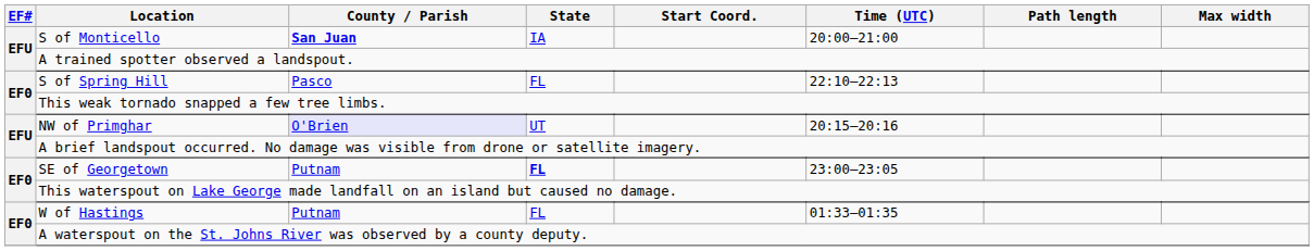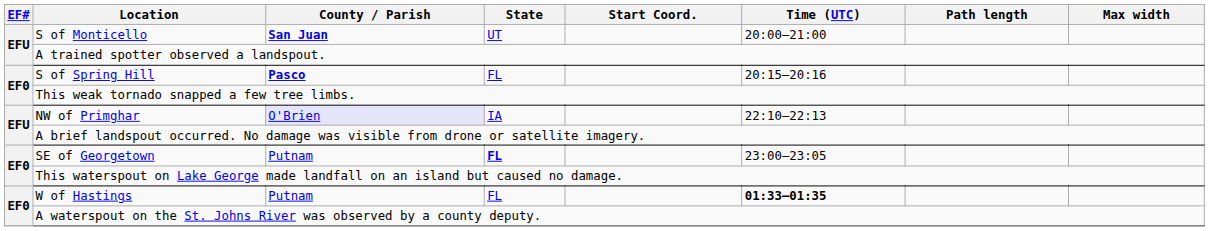 <table class="wikitable sortable" style="width:100%;">
 <tr>
 <th scope="col" width="2%" align="center"><a href='#'>EF#</a></th>
 <th scope="col" align="center" class="unsortable">Location</th>
 <th scope="col" align="center" class="unsortable">County / Parish</th>
 <th scope="col" align="center">State</th>
 <th scope="col" align="center">Start Coord.</th>
 <th scope="col" align="center">Time (<a href='#'>UTC</a>)</th>
 <th scope="col" align="center">Path length</th>
 <th scope="col" align="center">Max width</th>
 </tr>
 <tr>
 <th scope="row" rowspan="2" style="background-color:#">EFU</th>
 <td>S of <a href='#'>Monticello</a></td>
 <td><strong><a href='#'>San Juan</a></strong></td>
-<td><a href='#'>IA</a></td>
+<td><a href='#'>UT</a></td>
 <td></td>
 <td>20:00–21:00</td>
 <td></td>
 <td></td>
 </tr>
 <tr class="expand-child">
 <td colspan="8" style=" border-bottom: 1px solid black;">A trained spotter observed a landspout.</td>
 </tr>
 <tr>
 <th scope="row" rowspan="2" style="background-color:#">EF0</th>
 <td>S of <a href='#'>Spring Hill</a></td>
-<td><a href='#'>Pasco</a></td>
+<td><strong><a href='#'>Pasco</a></strong></td>
 <td><a href='#'>FL</a></td>
 <td></td>
-<td>22:10–22:13</td>
+<td>20:15–20:16</td>
 <td></td>
 <td></td>
 </tr>
 <tr class="expand-child">
 <td colspan="8" style=" border-bottom: 1px solid black;">This weak tornado snapped a few tree limbs.</td>
 </tr>
 <tr>
 <th scope="row" rowspan="2" style="background-color:#">EFU</th>
 <td>NW of <a href='#'>Primghar</a></td>
 <td style="background: lavender;"><a href='#'>O'Brien</a></td>
-<td><a href='#'>UT</a></td>
+<td><a href='#'>IA</a></td>
 <td></td>
-<td>20:15–20:16</td>
+<td>22:10–22:13</td>
 <td></td>
 <td></td>
 </tr>
 <tr class="expand-child">
 <td colspan="8" style=" border-bottom: 1px solid black;">A brief landspout occurred. No damage was visible from drone or satellite imagery.</td>
 </tr>
 <tr>
 <th scope="row" rowspan="2" style="background-color:#">EF0</th>
 <td>SE of <a href='#'>Georgetown</a></td>
 <td><a href='#'>Putnam</a></td>
 <td><strong><a href='#'>FL</a></strong></td>
 <td></td>
 <td>23:00–23:05</td>
 <td></td>
 <td></td>
 </tr>
 <tr class="expand-child">
 <td colspan="8" style=" border-bottom: 1px solid black;">This waterspout on <a href='#'>Lake George</a> made landfall on an island but caused no damage.</td>
 </tr>
 <tr>
 <th scope="row" rowspan="2" style="background-color:#">EF0</th>
 <td>W of <a href='#'>Hastings</a></td>
 <td><a href='#'>Putnam</a></td>
 <td><a href='#'>FL</a></td>
 <td></td>
-<td>01:33–01:35</td>
+<td><strong>01:33–01:35</strong></td>
 <td></td>
 <td></td>
 </tr>
 <tr class="expand-child">
 <td colspan="8" style=" border-bottom: 1px solid black;">A waterspout on the <a href='#'>St. Johns River</a> was observed by a county deputy.</td>
 </tr>
 <tr>
 </tr>
 </table>
